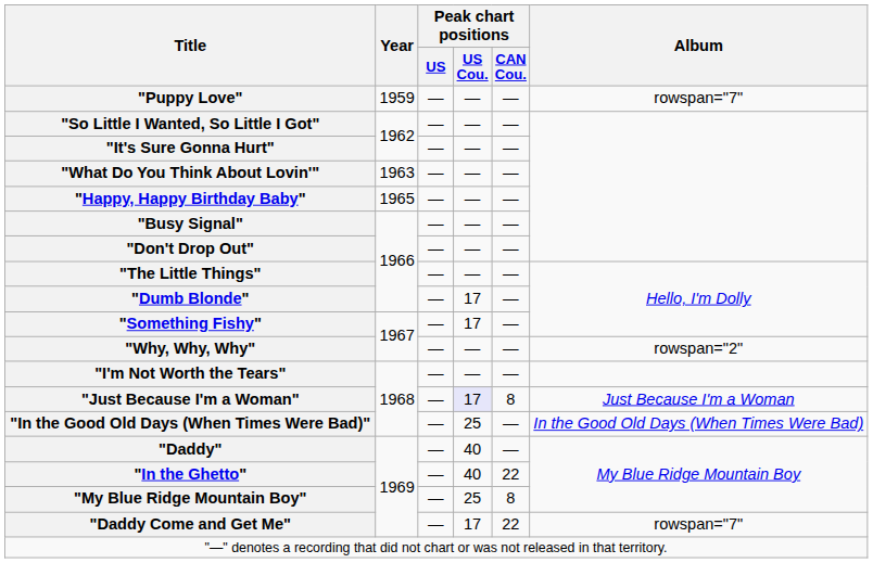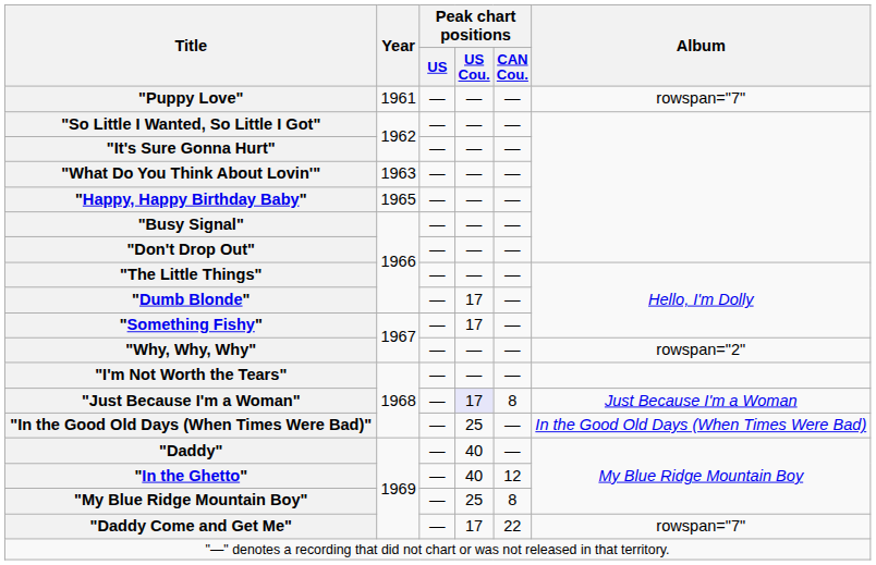 <table class="wikitable plainrowheaders" style="text-align:center;">
 <tr>
 <th scope="col" rowspan="2" style="width:23em;">Title</th>
 <th scope="col" rowspan="2">Year</th>
 <th scope="col" colspan="3">Peak chart positions</th>
 <th scope="col" rowspan="2">Album</th>
 </tr>
 <tr>
 <th scope="col" style="width:2em;font-size:90%;"><a href='#'>US</a><br></th>
 <th scope="col" style="width:2em;font-size:90%;"><a href='#'>US<br>Cou.</a><br></th>
 <th scope="col" style="width:2em;font-size:90%;"><a href='#'>CAN<br>Cou.</a><br></th>
 </tr>
 <tr>
 <th scope="row">"Puppy Love"</th>
-<td>1959</td>
+<td>1961</td>
 <td>—</td>
 <td>—</td>
 <td>—</td>
 <td>rowspan="7" </td>
 </tr>
 <tr>
 <th scope="row">"So Little I Wanted, So Little I Got"<br></th>
 <td rowspan = "2">1962</td>
 <td>—</td>
 <td>—</td>
 <td>—</td>
 </tr>
 <tr>
 <th scope="row">"It's Sure Gonna Hurt"<br></th>
 <td>—</td>
 <td>—</td>
 <td>—</td>
 </tr>
 <tr>
 <th scope="row">"What Do You Think About Lovin'"</th>
 <td>1963</td>
 <td>—</td>
 <td>—</td>
 <td>—</td>
 </tr>
 <tr>
 <th scope="row">"<a href='#'>Happy, Happy Birthday Baby</a>"</th>
 <td>1965</td>
 <td>—</td>
 <td>—</td>
 <td>—</td>
 </tr>
 <tr>
 <th scope="row">"Busy Signal"</th>
 <td rowspan="4">1966</td>
 <td>—</td>
 <td>—</td>
 <td>—</td>
 </tr>
 <tr>
 <th scope="row">"Don't Drop Out"</th>
 <td>—</td>
 <td>—</td>
 <td>—</td>
 </tr>
 <tr>
 <th scope="row">"The Little Things"</th>
 <td>—</td>
 <td>—</td>
 <td>—</td>
 <td rowspan="3"><em><a href='#'>Hello, I'm Dolly</a></em></td>
 </tr>
 <tr>
 <th scope="row">"<a href='#'>Dumb Blonde</a>"</th>
 <td>—</td>
 <td>17</td>
 <td>—</td>
 </tr>
 <tr>
 <th scope="row">"<a href='#'>Something Fishy</a>"</th>
 <td rowspan="2">1967</td>
 <td>—</td>
 <td>17</td>
 <td>—</td>
 </tr>
 <tr>
 <th scope="row">"Why, Why, Why"</th>
 <td>—</td>
 <td>—</td>
 <td>—</td>
 <td>rowspan="2" </td>
 </tr>
 <tr>
 <th scope="row">"I'm Not Worth the Tears"</th>
 <td rowspan="3">1968</td>
 <td>—</td>
 <td>—</td>
 <td>—</td>
 </tr>
 <tr>
 <th scope="row">"Just Because I'm a Woman"</th>
 <td>—</td>
 <td style="background: lavender;">17</td>
 <td>8</td>
 <td><em><a href='#'>Just Because I'm a Woman</a></em></td>
 </tr>
 <tr>
 <th scope="row">"In the Good Old Days (When Times Were Bad)"</th>
 <td>—</td>
 <td>25</td>
 <td>—</td>
 <td><em><a href='#'>In the Good Old Days (When Times Were Bad)</a></em></td>
 </tr>
 <tr>
 <th scope="row">"Daddy"</th>
 <td rowspan="4">1969</td>
 <td>—</td>
 <td>40</td>
 <td>—</td>
 <td rowspan="3"><em><a href='#'>My Blue Ridge Mountain Boy</a></em></td>
 </tr>
 <tr>
 <th scope="row">"<a href='#'>In the Ghetto</a>"</th>
 <td>—</td>
 <td>40</td>
-<td>22</td>
+<td>12</td>
 </tr>
 <tr>
 <th scope="row">"My Blue Ridge Mountain Boy"</th>
 <td>—</td>
 <td>25</td>
 <td>8</td>
 </tr>
 <tr>
 <th scope="row">"Daddy Come and Get Me"</th>
 <td>—</td>
 <td>17</td>
 <td>22</td>
 <td>rowspan="7" </td>
 </tr>
 <tr>
 <td colspan="10" style="font-size:85%">"—" denotes a recording that did not chart or was not released in that territory.</td>
 </tr>
 </table>
